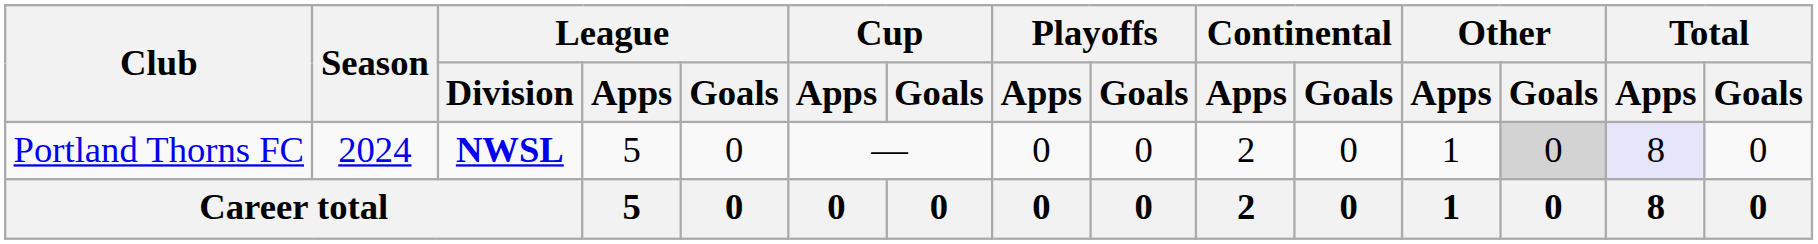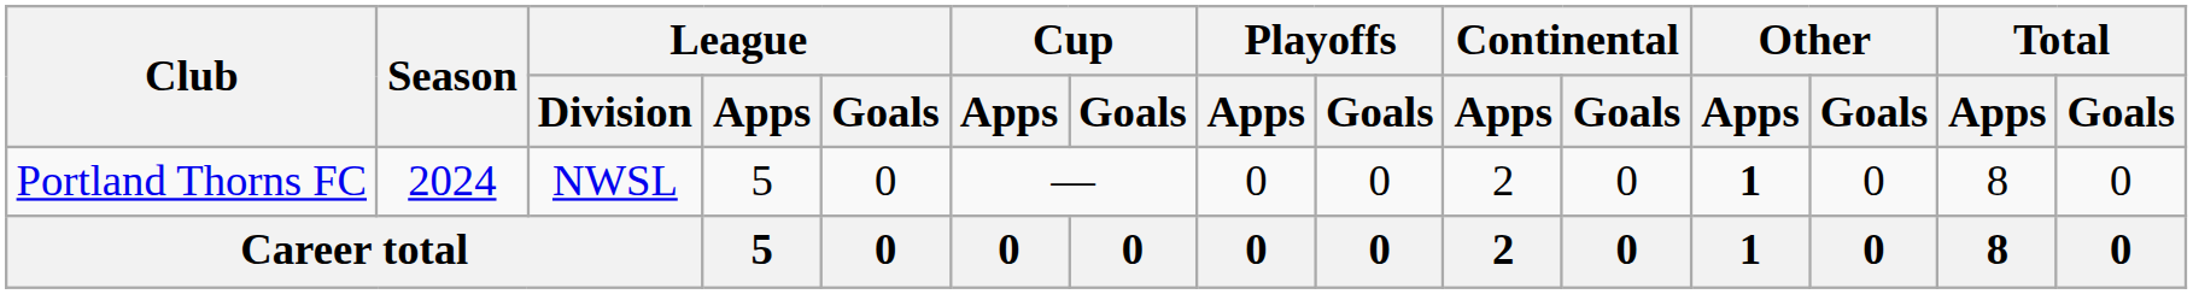 <table class="wikitable" style="text-align: center;">
 <tr>
 <th rowspan="2">Club</th>
 <th rowspan="2">Season</th>
 <th colspan="3">League</th>
 <th colspan="2">Cup</th>
 <th colspan="2">Playoffs</th>
 <th colspan="2">Continental</th>
 <th colspan="2">Other</th>
 <th colspan="2">Total</th>
 </tr>
 <tr>
 <th>Division</th>
 <th>Apps</th>
 <th>Goals</th>
 <th>Apps</th>
 <th>Goals</th>
 <th>Apps</th>
 <th>Goals</th>
 <th>Apps</th>
 <th>Goals</th>
 <th>Apps</th>
 <th>Goals</th>
 <th>Apps</th>
 <th>Goals</th>
 </tr>
 <tr>
 <td><a href='#'>Portland Thorns FC</a></td>
 <td><a href='#'>2024</a></td>
-<td><strong><a href='#'>NWSL</a></strong></td>
+<td><a href='#'>NWSL</a></td>
 <td>5</td>
 <td>0</td>
 <td colspan="2">—</td>
 <td>0</td>
 <td>0</td>
 <td>2</td>
 <td>0</td>
-<td>1</td>
-<td style="background: lightgrey;">0</td>
-<td style="background: lavender;">8</td>
+<td><strong>1</strong></td>
+<td>0</td>
+<td>8</td>
 <td>0</td>
 </tr>
 <tr>
 <th colspan="3">Career total</th>
 <th>5</th>
 <th>0</th>
 <th>0</th>
 <th>0</th>
 <th>0</th>
 <th>0</th>
 <th>2</th>
 <th>0</th>
 <th>1</th>
 <th>0</th>
 <th>8</th>
 <th>0</th>
 </tr>
 </table>
